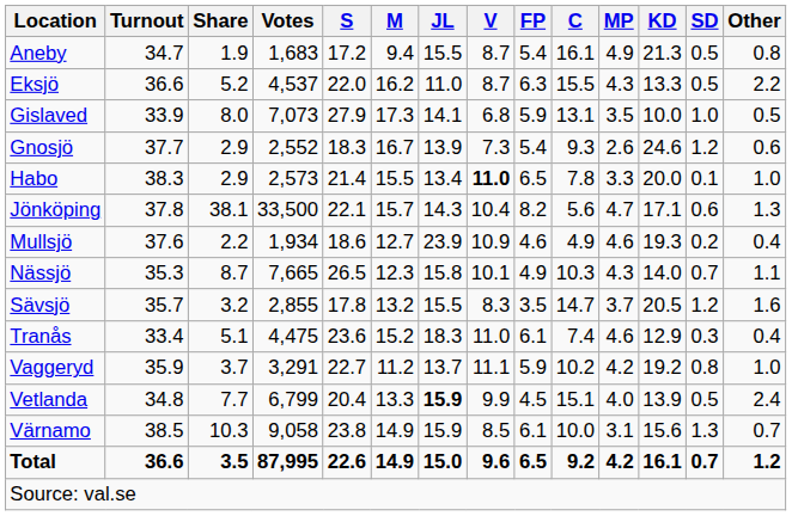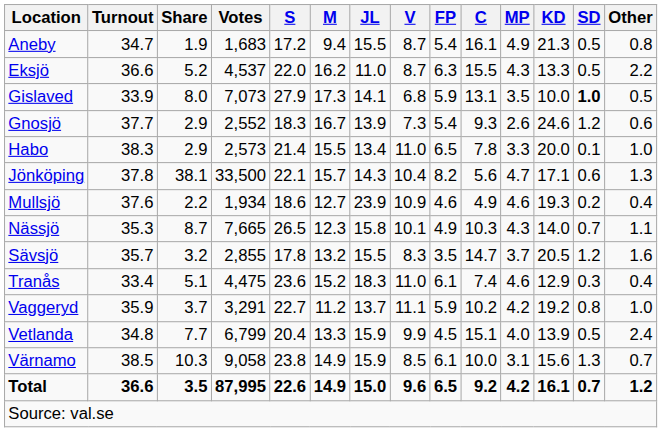 <table class="wikitable sortable" style=text-align:right>
 <tr>
 <th>Location</th>
 <th>Turnout</th>
 <th>Share</th>
 <th>Votes</th>
 <th><a href='#'>S</a></th>
 <th><a href='#'>M</a></th>
 <th><a href='#'>JL</a></th>
 <th><a href='#'>V</a></th>
 <th><a href='#'>FP</a></th>
 <th><a href='#'>C</a></th>
 <th><a href='#'>MP</a></th>
 <th><a href='#'>KD</a></th>
 <th><a href='#'>SD</a></th>
 <th>Other</th>
 </tr>
 <tr>
 <td align=left><a href='#'>Aneby</a></td>
 <td>34.7</td>
 <td>1.9</td>
 <td>1,683</td>
 <td>17.2</td>
 <td>9.4</td>
 <td>15.5</td>
 <td>8.7</td>
 <td>5.4</td>
 <td>16.1</td>
 <td>4.9</td>
 <td>21.3</td>
 <td>0.5</td>
 <td>0.8</td>
 </tr>
 <tr>
 <td align=left><a href='#'>Eksjö</a></td>
 <td>36.6</td>
 <td>5.2</td>
 <td>4,537</td>
 <td>22.0</td>
 <td>16.2</td>
 <td>11.0</td>
 <td>8.7</td>
 <td>6.3</td>
 <td>15.5</td>
 <td>4.3</td>
 <td>13.3</td>
 <td>0.5</td>
 <td>2.2</td>
 </tr>
 <tr>
 <td align=left><a href='#'>Gislaved</a></td>
 <td>33.9</td>
 <td>8.0</td>
 <td>7,073</td>
 <td>27.9</td>
 <td>17.3</td>
 <td>14.1</td>
 <td>6.8</td>
 <td>5.9</td>
 <td>13.1</td>
 <td>3.5</td>
 <td>10.0</td>
-<td>1.0</td>
+<td><strong>1.0</strong></td>
 <td>0.5</td>
 </tr>
 <tr>
 <td align=left><a href='#'>Gnosjö</a></td>
 <td>37.7</td>
 <td>2.9</td>
 <td>2,552</td>
 <td>18.3</td>
 <td>16.7</td>
 <td>13.9</td>
 <td>7.3</td>
 <td>5.4</td>
 <td>9.3</td>
 <td>2.6</td>
 <td>24.6</td>
 <td>1.2</td>
 <td>0.6</td>
 </tr>
 <tr>
 <td align=left><a href='#'>Habo</a></td>
 <td>38.3</td>
 <td>2.9</td>
 <td>2,573</td>
 <td>21.4</td>
 <td>15.5</td>
 <td>13.4</td>
-<td><strong>11.0</strong></td>
+<td>11.0</td>
 <td>6.5</td>
 <td>7.8</td>
 <td>3.3</td>
 <td>20.0</td>
 <td>0.1</td>
 <td>1.0</td>
 </tr>
 <tr>
 <td align=left><a href='#'>Jönköping</a></td>
 <td>37.8</td>
 <td>38.1</td>
 <td>33,500</td>
 <td>22.1</td>
 <td>15.7</td>
 <td>14.3</td>
 <td>10.4</td>
 <td>8.2</td>
 <td>5.6</td>
 <td>4.7</td>
 <td>17.1</td>
 <td>0.6</td>
 <td>1.3</td>
 </tr>
 <tr>
 <td align=left><a href='#'>Mullsjö</a></td>
 <td>37.6</td>
 <td>2.2</td>
 <td>1,934</td>
 <td>18.6</td>
 <td>12.7</td>
 <td>23.9</td>
 <td>10.9</td>
 <td>4.6</td>
 <td>4.9</td>
 <td>4.6</td>
 <td>19.3</td>
 <td>0.2</td>
 <td>0.4</td>
 </tr>
 <tr>
 <td align=left><a href='#'>Nässjö</a></td>
 <td>35.3</td>
 <td>8.7</td>
 <td>7,665</td>
 <td>26.5</td>
 <td>12.3</td>
 <td>15.8</td>
 <td>10.1</td>
 <td>4.9</td>
 <td>10.3</td>
 <td>4.3</td>
 <td>14.0</td>
 <td>0.7</td>
 <td>1.1</td>
 </tr>
 <tr>
 <td align=left><a href='#'>Sävsjö</a></td>
 <td>35.7</td>
 <td>3.2</td>
 <td>2,855</td>
 <td>17.8</td>
 <td>13.2</td>
 <td>15.5</td>
 <td>8.3</td>
 <td>3.5</td>
 <td>14.7</td>
 <td>3.7</td>
 <td>20.5</td>
 <td>1.2</td>
 <td>1.6</td>
 </tr>
 <tr>
 <td align=left><a href='#'>Tranås</a></td>
 <td>33.4</td>
 <td>5.1</td>
 <td>4,475</td>
 <td>23.6</td>
 <td>15.2</td>
 <td>18.3</td>
 <td>11.0</td>
 <td>6.1</td>
 <td>7.4</td>
 <td>4.6</td>
 <td>12.9</td>
 <td>0.3</td>
 <td>0.4</td>
 </tr>
 <tr>
 <td align=left><a href='#'>Vaggeryd</a></td>
 <td>35.9</td>
 <td>3.7</td>
 <td>3,291</td>
 <td>22.7</td>
 <td>11.2</td>
 <td>13.7</td>
 <td>11.1</td>
 <td>5.9</td>
 <td>10.2</td>
 <td>4.2</td>
 <td>19.2</td>
 <td>0.8</td>
 <td>1.0</td>
 </tr>
 <tr>
 <td align=left><a href='#'>Vetlanda</a></td>
 <td>34.8</td>
 <td>7.7</td>
 <td>6,799</td>
 <td>20.4</td>
 <td>13.3</td>
-<td><strong>15.9</strong></td>
+<td>15.9</td>
 <td>9.9</td>
 <td>4.5</td>
 <td>15.1</td>
 <td>4.0</td>
 <td>13.9</td>
 <td>0.5</td>
 <td>2.4</td>
 </tr>
 <tr>
 <td align=left><a href='#'>Värnamo</a></td>
 <td>38.5</td>
 <td>10.3</td>
 <td>9,058</td>
 <td>23.8</td>
 <td>14.9</td>
 <td>15.9</td>
 <td>8.5</td>
 <td>6.1</td>
 <td>10.0</td>
 <td>3.1</td>
 <td>15.6</td>
 <td>1.3</td>
 <td>0.7</td>
 </tr>
 <tr>
 <td align=left><strong>Total</strong></td>
 <td><strong>36.6</strong></td>
 <td><strong>3.5</strong></td>
 <td><strong>87,995</strong></td>
 <td><strong>22.6</strong></td>
 <td><strong>14.9</strong></td>
 <td><strong>15.0</strong></td>
 <td><strong>9.6</strong></td>
 <td><strong>6.5</strong></td>
 <td><strong>9.2</strong></td>
 <td><strong>4.2</strong></td>
 <td><strong>16.1</strong></td>
 <td><strong>0.7</strong></td>
 <td><strong>1.2</strong></td>
 </tr>
 <tr>
 <td align=left colspan=14>Source: val.se </td>
 </tr>
 </table>
